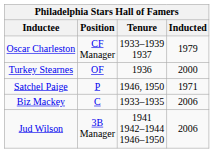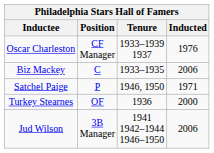 <table class="wikitable" style="text-align:center">
 <tr>
 <th colspan=4>Philadelphia Stars Hall of Famers</th>
 </tr>
 <tr>
 <th>Inductee</th>
 <th>Position</th>
 <th>Tenure</th>
 <th>Inducted</th>
 </tr>
 <tr>
 <td><a href='#'>Oscar Charleston</a></td>
 <td><a href='#'>CF</a><br>Manager</td>
 <td>1933–1939<br>1937</td>
-<td>1979</td>
+<td>1976</td>
+</tr>
+<tr>
+<td><a href='#'>Biz Mackey</a></td>
+<td><a href='#'>C</a></td>
+<td>1933–1935</td>
+<td>2006</td>
+</tr>
+<tr>
+<td><a href='#'>Satchel Paige</a></td>
+<td><a href='#'>P</a></td>
+<td>1946, 1950</td>
+<td>1971</td>
 </tr>
 <tr>
 <td><a href='#'>Turkey Stearnes</a></td>
 <td><a href='#'>OF</a></td>
 <td>1936</td>
 <td>2000</td>
 </tr>
 <tr>
-<td><a href='#'>Satchel Paige</a></td>
-<td><a href='#'>P</a></td>
-<td>1946, 1950</td>
-<td>1971</td>
-</tr>
-<tr>
-<td><a href='#'>Biz Mackey</a></td>
-<td><a href='#'>C</a></td>
-<td>1933–1935</td>
-<td>2006</td>
-</tr>
-<tr>
 <td><a href='#'>Jud Wilson</a></td>
 <td><a href='#'>3B</a><br>Manager</td>
 <td>1941<br>1942–1944<br>1946–1950</td>
 <td>2006</td>
 </tr>
 </table>
